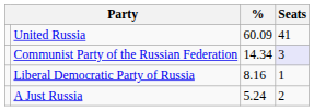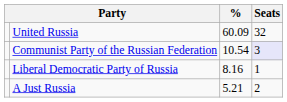 <table class="wikitable">
 <tr>
 <th colspan=2>Party</th>
 <th>%</th>
 <th>Seats</th>
 </tr>
 <tr>
 <td style="background:"></td>
 <td><a href='#'>United Russia</a></td>
 <td>60.09</td>
-<td>41</td>
+<td>32</td>
 </tr>
 <tr>
 <td style="background:"></td>
 <td><a href='#'>Communist Party of the Russian Federation</a></td>
-<td>14.34</td>
+<td>10.54</td>
 <td style="background: lavender;">3</td>
 </tr>
 <tr>
 <td style="background:"></td>
 <td><a href='#'>Liberal Democratic Party of Russia</a></td>
 <td>8.16</td>
 <td>1</td>
 </tr>
 <tr>
 <td style="background:"></td>
 <td><a href='#'>A Just Russia</a></td>
-<td>5.24</td>
+<td>5.21</td>
 <td>2</td>
 </tr>
 </table>
